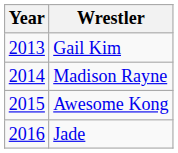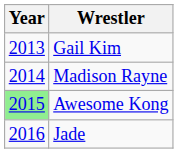 <table class="wikitable sortable">
 <tr>
 <th>Year</th>
 <th>Wrestler</th>
 </tr>
 <tr>
 <td><a href='#'>2013</a></td>
 <td><a href='#'>Gail Kim</a></td>
 </tr>
 <tr>
 <td><a href='#'>2014</a></td>
 <td><a href='#'>Madison Rayne</a></td>
 </tr>
 <tr>
-<td><a href='#'>2015</a></td>
+<td style="background: lightgreen;"><a href='#'>2015</a></td>
 <td><a href='#'>Awesome Kong</a></td>
 </tr>
 <tr>
 <td><a href='#'>2016</a></td>
 <td><a href='#'>Jade</a></td>
 </tr>
 </table>
